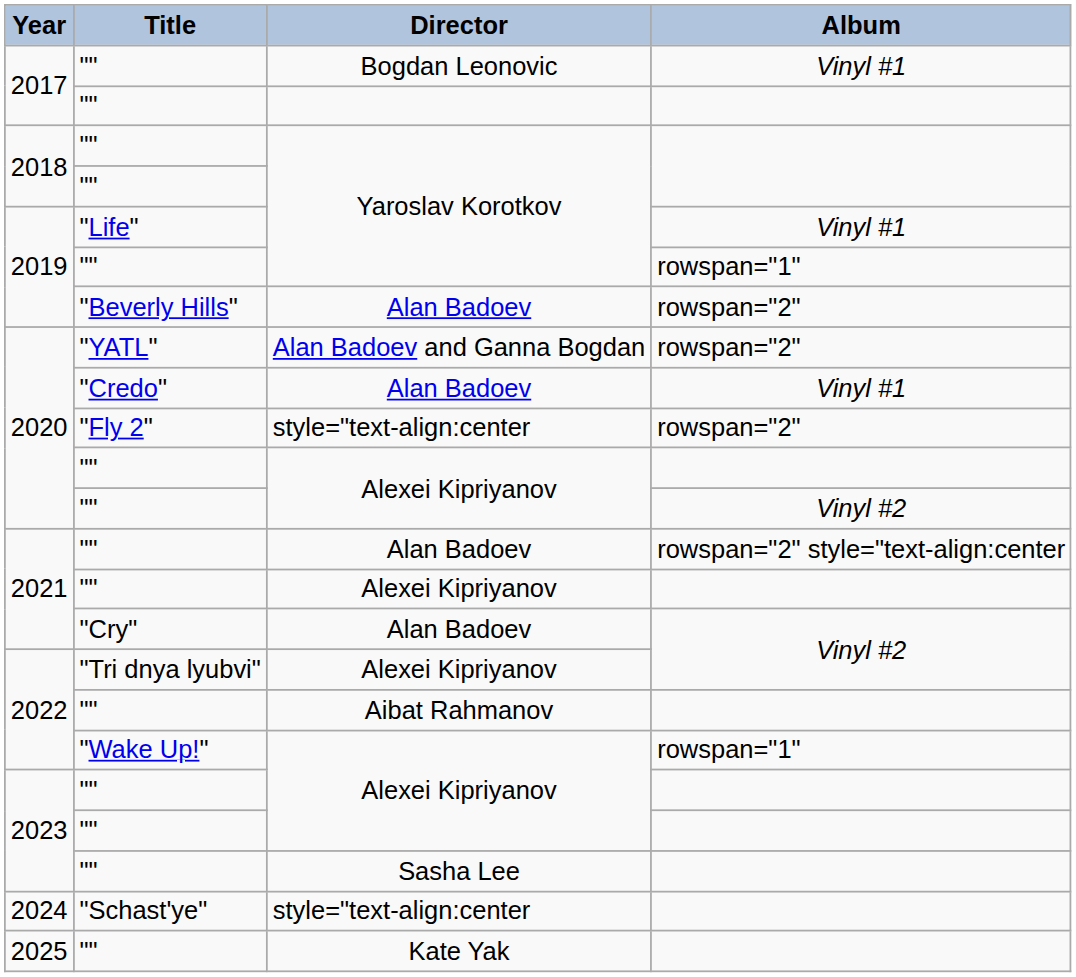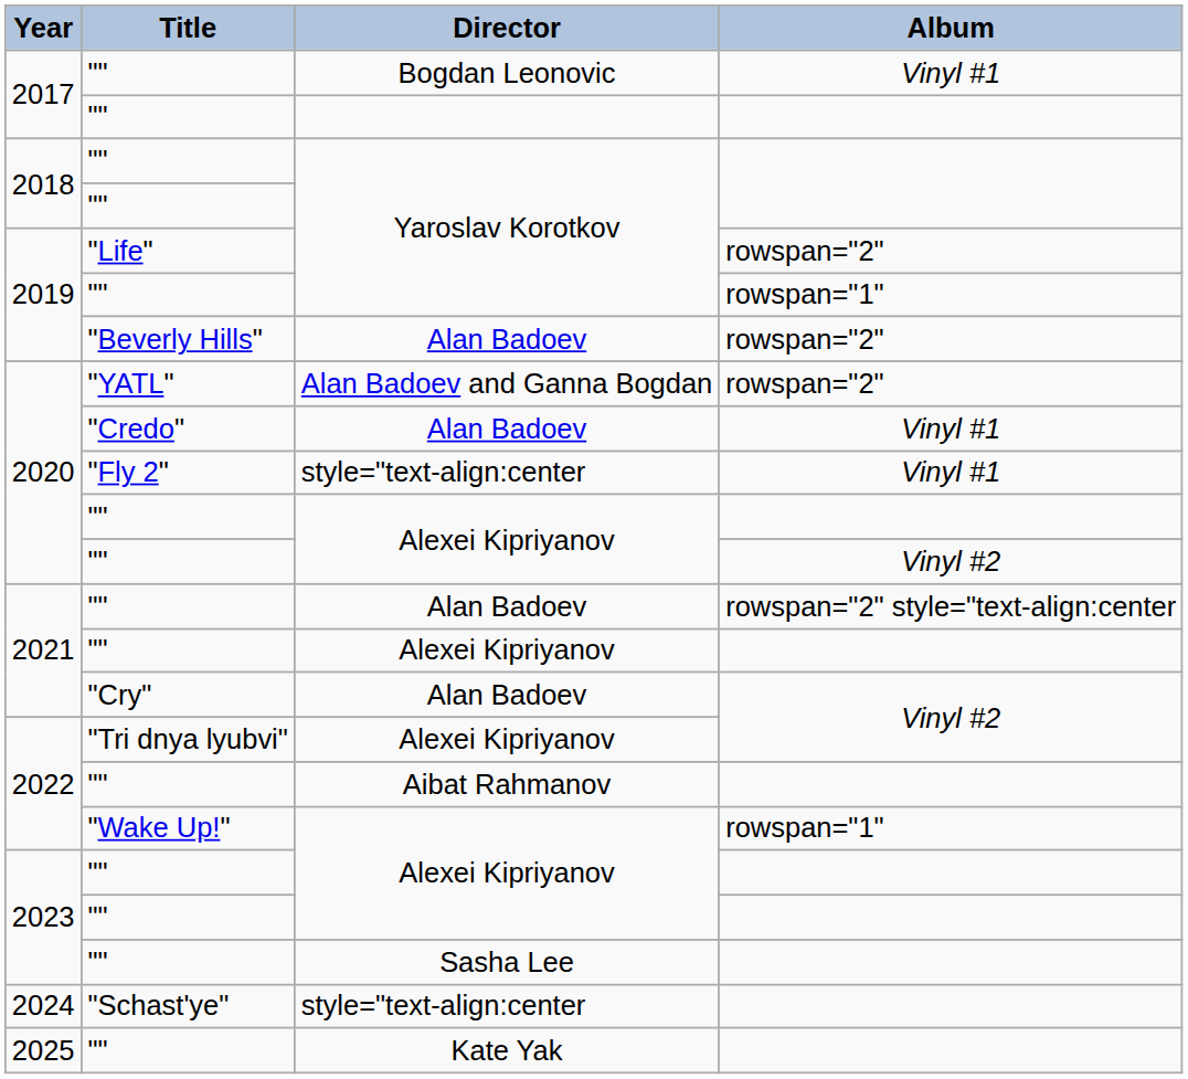 <table class="wikitable" style="font-size:90%; background:#f9f9f9">
 <tr>
 <th style="background:#B0C4DE;">Year</th>
 <th style="background:#B0C4DE;">Title</th>
 <th style="background:#B0C4DE;">Director</th>
 <th style="background:#B0C4DE;">Album</th>
 </tr>
 <tr>
 <td rowspan="2">2017</td>
 <td>""</td>
 <td style="text-align:center">Bogdan Leonovic</td>
 <td style="text-align:center"><em>Vinyl #1</em></td>
 </tr>
 <tr>
 <td>""</td>
 <td style="text-align:center"></td>
 </tr>
 <tr>
 <td rowspan="2">2018</td>
 <td>""</td>
 <td rowspan="4" style="text-align:center">Yaroslav Korotkov</td>
 <td rowspan="2" style="text-align:center"></td>
 </tr>
 <tr>
 <td>""</td>
 </tr>
 <tr>
 <td rowspan="3">2019</td>
 <td>"<a href='#'>Life</a>"</td>
-<td rowspan="1" style="text-align:center"><em>Vinyl #1</em></td>
+<td>rowspan="2" </td>
 </tr>
 <tr>
 <td>"" </td>
 <td>rowspan="1" </td>
 </tr>
 <tr>
 <td>"<a href='#'>Beverly Hills</a>"</td>
 <td style="text-align:center"><a href='#'>Alan Badoev</a></td>
 <td>rowspan="2" </td>
 </tr>
 <tr>
 <td rowspan="5">2020</td>
 <td>"<a href='#'>YATL</a>"</td>
 <td style="text-align:center"><a href='#'>Alan Badoev</a> and Ganna Bogdan</td>
 <td>rowspan="2" </td>
 </tr>
 <tr>
 <td>"<a href='#'>Credo</a>"</td>
 <td style="text-align:center"><a href='#'>Alan Badoev</a></td>
 <td style="text-align:center"><em>Vinyl #1</em></td>
 </tr>
 <tr>
 <td>"<a href='#'>Fly 2</a>" </td>
 <td>style="text-align:center </td>
-<td>rowspan="2" </td>
+<td rowspan="1" style="text-align:center"><em>Vinyl #1</em></td>
 </tr>
 <tr>
 <td>"" </td>
 <td rowspan="2" style="text-align:center">Alexei Kipriyanov</td>
 </tr>
 <tr>
 <td>""</td>
 <td rowspan="1" style="text-align:center"><em>Vinyl #2</em></td>
 </tr>
 <tr>
 <td rowspan="3">2021</td>
 <td>"" </td>
 <td rowspan="1" style="text-align:center">Alan Badoev</td>
 <td>rowspan="2" style="text-align:center </td>
 </tr>
 <tr>
 <td>"" </td>
 <td rowspan="1" style="text-align:center">Alexei Kipriyanov</td>
 <td style="text-align:center"></td>
 </tr>
 <tr>
 <td>"Cry"</td>
 <td rowspan="1" style="text-align:center">Alan Badoev</td>
 <td rowspan="2" style="text-align:center"><em>Vinyl #2</em></td>
 </tr>
 <tr>
 <td rowspan="3">2022</td>
 <td>"Tri dnya lyubvi"</td>
 <td style="text-align:center">Alexei Kipriyanov</td>
 </tr>
 <tr>
 <td>"" </td>
 <td style="text-align:center">Aibat Rahmanov</td>
 <td style="text-align:center"><em></em></td>
 </tr>
 <tr>
 <td>"<a href='#'>Wake Up!</a>"</td>
 <td rowspan="3" style="text-align:center">Alexei Kipriyanov</td>
 <td>rowspan="1" </td>
 </tr>
 <tr>
 <td rowspan="3">2023</td>
 <td>"" </td>
 </tr>
 <tr>
 <td>""</td>
 <td style="text-align:center"></td>
 </tr>
 <tr>
 <td>""</td>
 <td style="text-align:center">Sasha Lee</td>
 <td></td>
 </tr>
 <tr>
 <td>2024</td>
 <td>"Schast'ye"</td>
 <td>style="text-align:center </td>
 <td style="text-align:center"></td>
 </tr>
 <tr>
 <td>2025</td>
 <td>""</td>
 <td style="text-align:center">Kate Yak</td>
 <td></td>
 </tr>
 </table>
